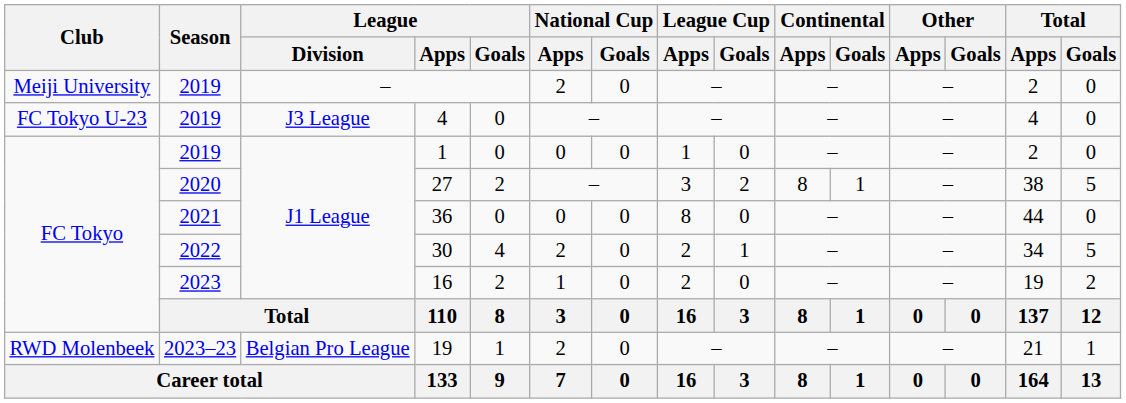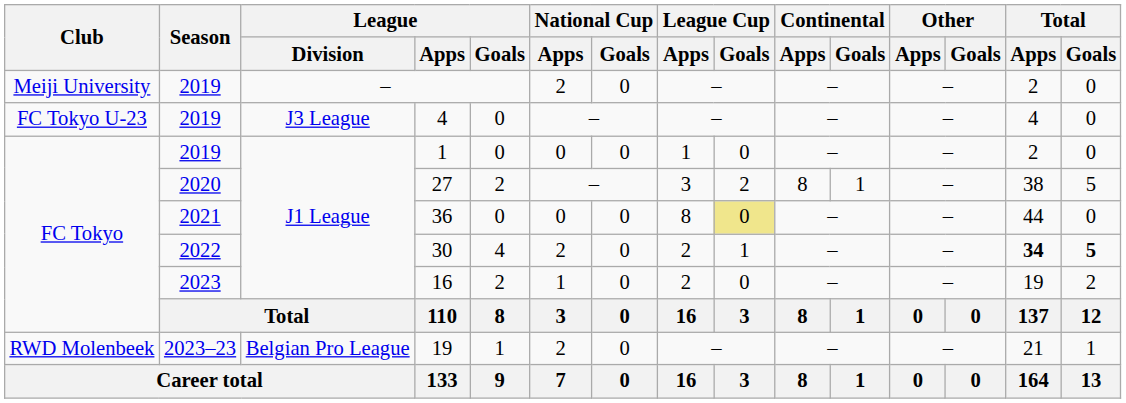 <table class="wikitable" style="text-align: center">
 <tr>
 <th rowspan="2">Club</th>
 <th rowspan="2">Season</th>
 <th colspan="3">League</th>
 <th colspan="2">National Cup</th>
 <th colspan="2">League Cup</th>
 <th colspan="2">Continental</th>
 <th colspan="2">Other</th>
 <th colspan="2">Total</th>
 </tr>
 <tr>
 <th>Division</th>
 <th>Apps</th>
 <th>Goals</th>
 <th>Apps</th>
 <th>Goals</th>
 <th>Apps</th>
 <th>Goals</th>
 <th>Apps</th>
 <th>Goals</th>
 <th>Apps</th>
 <th>Goals</th>
 <th>Apps</th>
 <th>Goals</th>
 </tr>
 <tr>
 <td><a href='#'>Meiji University</a></td>
 <td><a href='#'>2019</a></td>
 <td colspan="3">–</td>
 <td>2</td>
 <td>0</td>
 <td colspan="2">–</td>
 <td colspan="2">–</td>
 <td colspan="2">–</td>
 <td>2</td>
 <td>0</td>
 </tr>
 <tr>
 <td><a href='#'>FC Tokyo U-23</a></td>
 <td><a href='#'>2019</a></td>
 <td><a href='#'>J3 League</a></td>
 <td>4</td>
 <td>0</td>
 <td colspan="2">–</td>
 <td colspan="2">–</td>
 <td colspan="2">–</td>
 <td colspan="2">–</td>
 <td>4</td>
 <td>0</td>
 </tr>
 <tr>
 <td rowspan="6"><a href='#'>FC Tokyo</a></td>
 <td><a href='#'>2019</a></td>
 <td rowspan="5"><a href='#'>J1 League</a></td>
 <td>1</td>
 <td>0</td>
 <td>0</td>
 <td>0</td>
 <td>1</td>
 <td>0</td>
 <td colspan="2">–</td>
 <td colspan="2">–</td>
 <td>2</td>
 <td>0</td>
 </tr>
 <tr>
 <td><a href='#'>2020</a></td>
 <td>27</td>
 <td>2</td>
 <td colspan="2">–</td>
 <td>3</td>
 <td>2</td>
 <td>8</td>
 <td>1</td>
 <td colspan="2">–</td>
 <td>38</td>
 <td>5</td>
 </tr>
 <tr>
 <td><a href='#'>2021</a></td>
 <td>36</td>
 <td>0</td>
 <td>0</td>
 <td>0</td>
 <td>8</td>
-<td>0</td>
+<td style="background: khaki;">0</td>
 <td colspan="2">–</td>
 <td colspan="2">–</td>
 <td>44</td>
 <td>0</td>
 </tr>
 <tr>
 <td><a href='#'>2022</a></td>
 <td>30</td>
 <td>4</td>
 <td>2</td>
 <td>0</td>
 <td>2</td>
 <td>1</td>
 <td colspan="2">–</td>
 <td colspan="2">–</td>
-<td>34</td>
-<td>5</td>
+<td><strong>34</strong></td>
+<td><strong>5</strong></td>
 </tr>
 <tr>
 <td><a href='#'>2023</a></td>
 <td>16</td>
 <td>2</td>
 <td>1</td>
 <td>0</td>
 <td>2</td>
 <td>0</td>
 <td colspan="2">–</td>
 <td colspan="2">–</td>
 <td>19</td>
 <td>2</td>
 </tr>
 <tr>
 <th colspan="2">Total</th>
 <th>110</th>
 <th>8</th>
 <th>3</th>
 <th>0</th>
 <th>16</th>
 <th>3</th>
 <th>8</th>
 <th>1</th>
 <th>0</th>
 <th>0</th>
 <th>137</th>
 <th>12</th>
 </tr>
 <tr>
 <td><a href='#'>RWD Molenbeek</a></td>
 <td><a href='#'>2023–23</a></td>
 <td><a href='#'>Belgian Pro League</a></td>
 <td>19</td>
 <td>1</td>
 <td>2</td>
 <td>0</td>
 <td colspan="2">–</td>
 <td colspan="2">–</td>
 <td colspan="2">–</td>
 <td>21</td>
 <td>1</td>
 </tr>
 <tr>
 <th colspan="3">Career total</th>
 <th>133</th>
 <th>9</th>
 <th>7</th>
 <th>0</th>
 <th>16</th>
 <th>3</th>
 <th>8</th>
 <th>1</th>
 <th>0</th>
 <th>0</th>
 <th>164</th>
 <th>13</th>
 </tr>
 </table>
